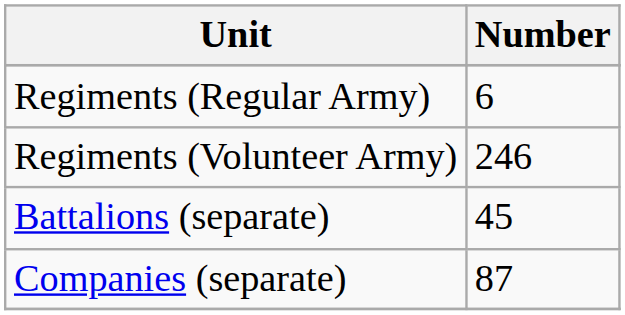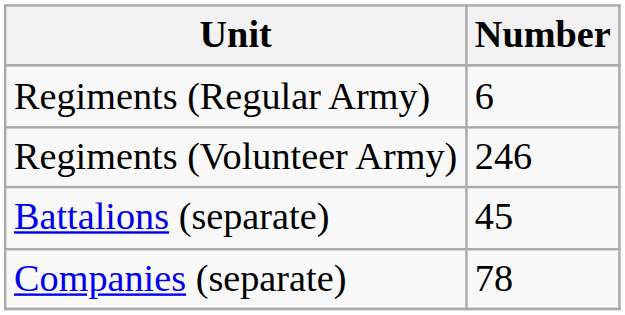 <table class="wikitable" style="display: inline-table;">
 <tr>
 <th><strong>Unit</strong></th>
 <th><strong>Number</strong></th>
 </tr>
 <tr>
 </tr>
 <tr>
 <td>Regiments (Regular Army)</td>
 <td>6</td>
 </tr>
 <tr>
 <td>Regiments (Volunteer Army)</td>
 <td>246</td>
 </tr>
 <tr>
 <td><a href='#'>Battalions</a> (separate)</td>
 <td>45</td>
 </tr>
 <tr>
 <td><a href='#'>Companies</a> (separate)</td>
-<td>87</td>
+<td>78</td>
 </tr>
 <tr>
 </tr>
 </table>
